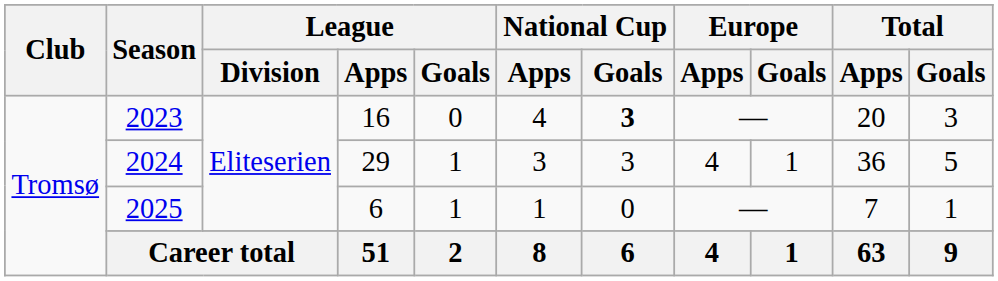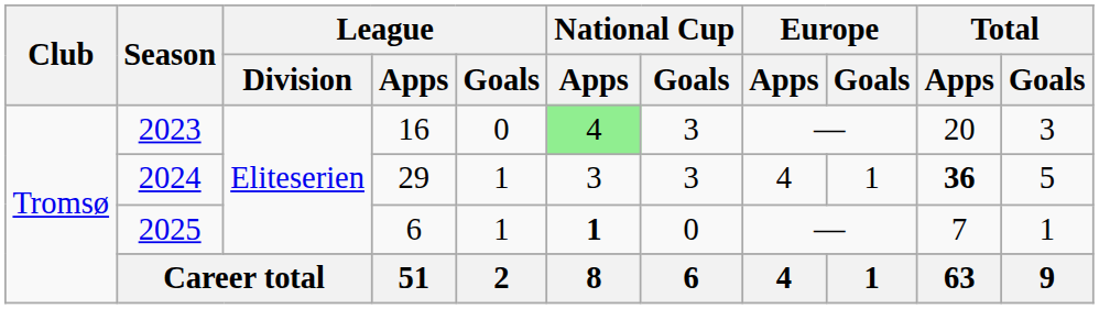 <table class="wikitable" style="text-align: center;">
 <tr>
 <th rowspan="2">Club</th>
 <th rowspan="2">Season</th>
 <th colspan="3">League</th>
 <th colspan="2">National Cup</th>
 <th colspan="2">Europe</th>
 <th colspan="2">Total</th>
 </tr>
 <tr>
 <th>Division</th>
 <th>Apps</th>
 <th>Goals</th>
 <th>Apps</th>
 <th>Goals</th>
 <th>Apps</th>
 <th>Goals</th>
 <th>Apps</th>
 <th>Goals</th>
 </tr>
 <tr>
 <td rowspan=4><a href='#'>Tromsø</a></td>
 <td><a href='#'>2023</a></td>
 <td rowspan=3><a href='#'>Eliteserien</a></td>
 <td>16</td>
 <td>0</td>
-<td>4</td>
-<td><strong>3</strong></td>
+<td style="background: lightgreen;">4</td>
+<td>3</td>
 <td colspan=2>—</td>
 <td>20</td>
 <td>3</td>
 </tr>
 <tr>
 <td><a href='#'>2024</a></td>
 <td>29</td>
 <td>1</td>
 <td>3</td>
 <td>3</td>
 <td>4</td>
 <td>1</td>
-<td>36</td>
+<td><strong>36</strong></td>
 <td>5</td>
 </tr>
 <tr>
 <td><a href='#'>2025</a></td>
 <td>6</td>
 <td>1</td>
-<td>1</td>
+<td><strong>1</strong></td>
 <td>0</td>
 <td colspan=2>—</td>
 <td>7</td>
 <td>1</td>
 </tr>
 <tr>
 <th colspan=2>Career total</th>
 <th>51</th>
 <th>2</th>
 <th>8</th>
 <th>6</th>
 <th>4</th>
 <th>1</th>
 <th>63</th>
 <th>9</th>
 </tr>
 </table>
